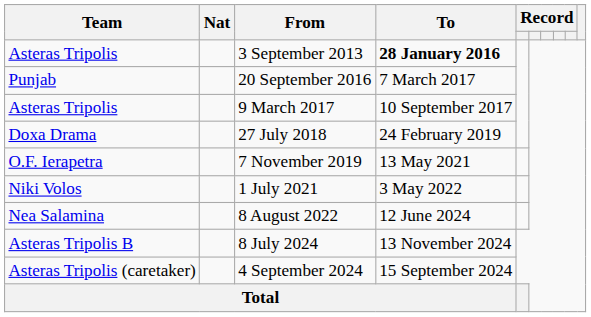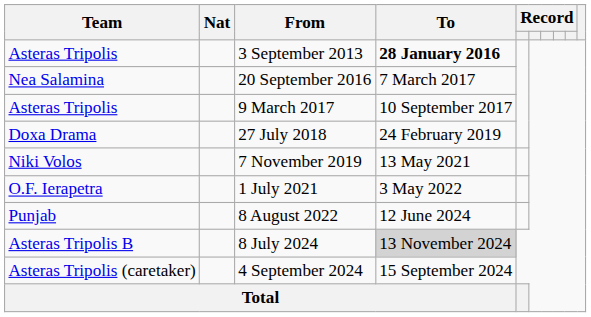 <table class="wikitable" style="text-align: center;">
 <tr>
 <th rowspan="2">Team</th>
 <th rowspan="2">Nat</th>
 <th rowspan="2">From</th>
 <th rowspan="2">To</th>
 <th colspan="5">Record</th>
 <th rowspan="2"></th>
 </tr>
 <tr>
 <th></th>
 <th></th>
 <th></th>
 <th></th>
 <th></th>
 </tr>
 <tr>
 <td align="left"><a href='#'>Asteras Tripolis</a></td>
 <td></td>
 <td align="left">3 September 2013</td>
 <td align="left"><strong>28 January 2016<br></strong></td>
 <td rowspan="4"></td>
 </tr>
 <tr>
-<td align="left"><a href='#'>Punjab</a></td>
+<td align="left"><a href='#'>Nea Salamina</a></td>
 <td></td>
 <td align="left">20 September 2016</td>
 <td align="left">7 March 2017<br></td>
 </tr>
 <tr>
 <td align="left"><a href='#'>Asteras Tripolis</a></td>
 <td></td>
 <td align="left">9 March 2017</td>
 <td align="left">10 September 2017<br></td>
 </tr>
 <tr>
 <td align="left"><a href='#'>Doxa Drama</a></td>
 <td></td>
 <td align="left">27 July 2018</td>
 <td align="left">24 February 2019<br></td>
 </tr>
 <tr>
-<td align="left"><a href='#'>O.F. Ierapetra</a></td>
+<td align="left"><a href='#'>Niki Volos</a></td>
 <td></td>
 <td align="left">7 November 2019</td>
 <td align="left">13 May 2021<br></td>
 <td></td>
 </tr>
 <tr>
-<td align="left"><a href='#'>Niki Volos</a></td>
+<td align="left"><a href='#'>O.F. Ierapetra</a></td>
 <td></td>
 <td align="left">1 July 2021</td>
 <td align="left">3 May 2022<br></td>
 <td></td>
 </tr>
 <tr>
-<td align="left"><a href='#'>Nea Salamina</a></td>
+<td align="left"><a href='#'>Punjab</a></td>
 <td></td>
 <td align="left">8 August 2022</td>
 <td align="left">12 June 2024<br></td>
 <td></td>
 </tr>
 <tr>
 <td align="left"><a href='#'>Asteras Tripolis B</a></td>
 <td></td>
 <td align="left">8 July 2024</td>
-<td align="left">13 November 2024<br></td>
+<td align="left" style="background: lightgrey;">13 November 2024<br></td>
 </tr>
 <tr>
 <td align="left"><a href='#'>Asteras Tripolis</a> (caretaker)</td>
 <td></td>
 <td align="left">4 September 2024</td>
 <td align="left">15 September 2024<br></td>
 </tr>
 <tr>
 <th colspan="4">Total<br></th>
 <th></th>
 </tr>
 </table>
